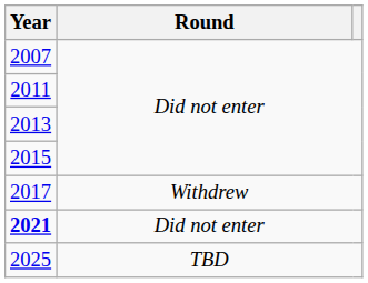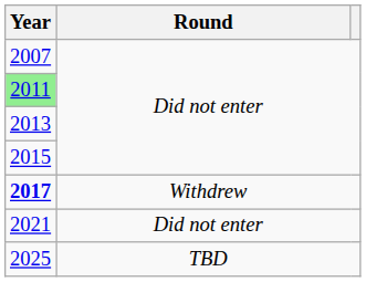 <table class="wikitable" style="text-align: center; font-size:90%">
 <tr>
 <th>Year</th>
 <th style="width:200px">Round</th>
 <th></th>
 </tr>
 <tr>
 <td><a href='#'>2007</a></td>
 <td colspan="2" rowspan="4"><em>Did not enter</em></td>
 </tr>
 <tr>
-<td><a href='#'>2011</a></td>
+<td style="background: lightgreen;"><a href='#'>2011</a></td>
 </tr>
 <tr>
 <td><a href='#'>2013</a></td>
 </tr>
 <tr>
 <td><a href='#'>2015</a></td>
 </tr>
 <tr>
-<td><a href='#'>2017</a></td>
+<td><strong><a href='#'>2017</a></strong></td>
 <td colspan="2"><em>Withdrew</em></td>
 </tr>
 <tr>
-<td><strong><a href='#'>2021</a></strong></td>
+<td><a href='#'>2021</a></td>
 <td colspan="2"><em>Did not enter</em></td>
 </tr>
 <tr>
 <td><a href='#'>2025</a></td>
 <td colspan="2"><em>TBD</em></td>
 </tr>
 </table>
